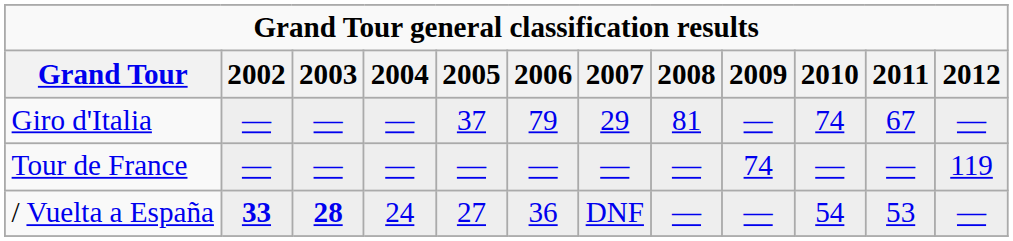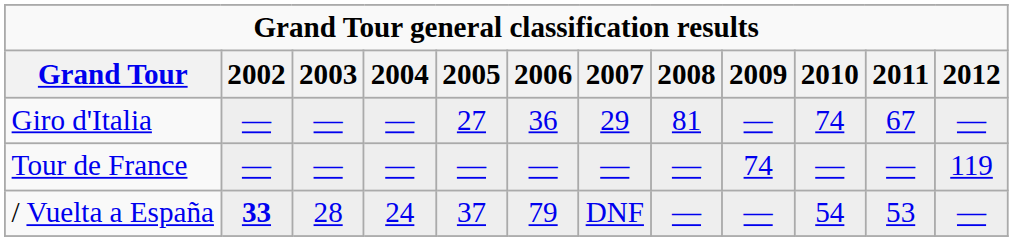 <table class="wikitable plainrowheaders">
 <tr>
 <td colspan=22 align="center"><strong>Grand Tour general classification results</strong></td>
 </tr>
 <tr>
 <th scope="col"><a href='#'>Grand Tour</a></th>
 <th scope="col">2002</th>
 <th scope="col">2003</th>
 <th scope="col">2004</th>
 <th scope="col">2005</th>
 <th scope="col">2006</th>
 <th scope="col">2007</th>
 <th scope="col">2008</th>
 <th scope="col">2009</th>
 <th scope="col">2010</th>
 <th scope="col">2011</th>
 <th scope="col">2012</th>
 </tr>
 <tr style="text-align:center;">
 <td style="text-align:left;"> <a href='#'>Giro d'Italia</a></td>
 <td style="background:#eee;"><a href='#'>—</a></td>
 <td style="background:#eee;"><a href='#'>—</a></td>
 <td style="background:#eee;"><a href='#'>—</a></td>
-<td style="background:#eee;"><a href='#'>37</a></td>
-<td style="background:#eee;"><a href='#'>79</a></td>
+<td style="background:#eee;"><a href='#'>27</a></td>
+<td style="background:#eee;"><a href='#'>36</a></td>
 <td style="background:#eee;"><a href='#'>29</a></td>
 <td style="background:#eee;"><a href='#'>81</a></td>
 <td style="background:#eee;"><a href='#'>—</a></td>
 <td style="background:#eee;"><a href='#'>74</a></td>
 <td style="background:#eee;"><a href='#'>67</a></td>
 <td style="background:#eee;"><a href='#'>—</a></td>
 </tr>
 <tr style="text-align:center;">
 <td style="text-align:left;"> <a href='#'>Tour de France</a></td>
 <td style="background:#eee;"><a href='#'>—</a></td>
 <td style="background:#eee;"><a href='#'>—</a></td>
 <td style="background:#eee;"><a href='#'>—</a></td>
 <td style="background:#eee;"><a href='#'>—</a></td>
 <td style="background:#eee;"><a href='#'>—</a></td>
 <td style="background:#eee;"><a href='#'>—</a></td>
 <td style="background:#eee;"><a href='#'>—</a></td>
 <td style="background:#eee;"><a href='#'>74</a></td>
 <td style="background:#eee;"><a href='#'>—</a></td>
 <td style="background:#eee;"><a href='#'>—</a></td>
 <td style="background:#eee;"><a href='#'>119</a></td>
 </tr>
 <tr style="text-align:center;">
 <td style="text-align:left;">/ <a href='#'>Vuelta a España</a></td>
 <td style="background:#eee;"><strong><a href='#'>33</a></strong></td>
-<td style="background:#eee;"><strong><a href='#'>28</a></strong></td>
+<td style="background:#eee;"><a href='#'>28</a></td>
 <td style="background:#eee;"><a href='#'>24</a></td>
-<td style="background:#eee;"><a href='#'>27</a></td>
-<td style="background:#eee;"><a href='#'>36</a></td>
+<td style="background:#eee;"><a href='#'>37</a></td>
+<td style="background:#eee;"><a href='#'>79</a></td>
 <td style="background:#eee;"><a href='#'>DNF</a></td>
 <td style="background:#eee;"><a href='#'>—</a></td>
 <td style="background:#eee"><a href='#'>—</a></td>
 <td style="background:#eee;"><a href='#'>54</a></td>
 <td style="background:#eee;"><a href='#'>53</a></td>
 <td style="background:#eee;"><a href='#'>—</a></td>
 </tr>
 </table>
